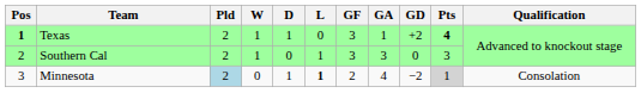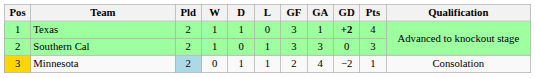 <table class="wikitable" style="text-align:center; margin: 1em auto">
 <tr>
 <th style=width:2em>Pos</th>
 <th style=width:13em>Team</th>
 <th style=width:2em>Pld</th>
 <th style=width:2em>W</th>
 <th style=width:2em>D</th>
 <th style=width:2em>L</th>
 <th style=width:2em>GF</th>
 <th style=width:2em>GA</th>
 <th style=width:2em>GD</th>
 <th style=width:2em>Pts</th>
 <th style=width:13em>Qualification</th>
 </tr>
 <tr bgcolor="#9eff9e">
-<td><strong>1</strong></td>
+<td>1</td>
 <td style="text-align:left">Texas</td>
 <td>2</td>
 <td>1</td>
 <td>1</td>
 <td>0</td>
 <td>3</td>
 <td>1</td>
-<td>+2</td>
-<td><strong>4</strong></td>
+<td><strong>+2</strong></td>
+<td>4</td>
 <td rowspan="2">Advanced to knockout stage</td>
 </tr>
 <tr bgcolor="#9eff9e">
 <td>2</td>
 <td style="text-align:left">Southern Cal</td>
 <td>2</td>
 <td>1</td>
 <td>0</td>
 <td>1</td>
 <td>3</td>
 <td>3</td>
 <td>0</td>
 <td>3</td>
 </tr>
 <tr>
-<td>3</td>
+<td style="background: gold;">3</td>
 <td style="text-align:left">Minnesota</td>
 <td style="background: lightblue;">2</td>
 <td>0</td>
 <td>1</td>
-<td><strong>1</strong></td>
+<td>1</td>
 <td>2</td>
 <td>4</td>
 <td>−2</td>
-<td style="background: lightgrey;">1</td>
+<td>1</td>
 <td>Consolation</td>
 </tr>
 </table>
